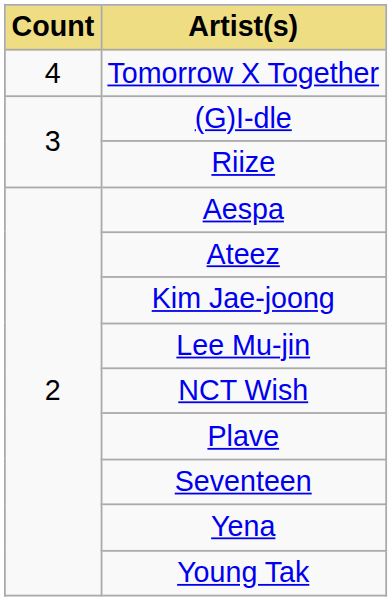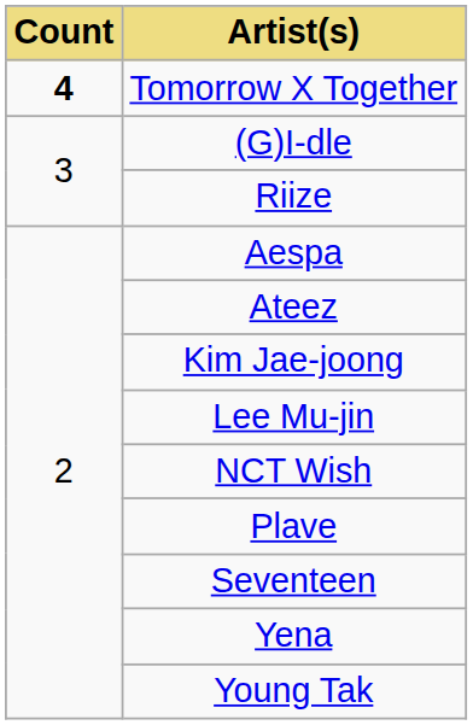 <table class="wikitable" style="text-align:center">
 <tr>
 <th scope="col" style="background-color:#EEDD82">Count</th>
 <th scope="col" style="background-color:#EEDD82">Artist(s)</th>
 </tr>
 <tr>
-<td>4</td>
+<td><strong>4</strong></td>
 <td><a href='#'>Tomorrow X Together</a></td>
 </tr>
 <tr>
 <td rowspan="2">3</td>
 <td><a href='#'>(G)I-dle</a></td>
 </tr>
 <tr>
 <td><a href='#'>Riize</a></td>
 </tr>
 <tr>
 <td rowspan="9">2</td>
 <td><a href='#'>Aespa</a></td>
 </tr>
 <tr>
 <td><a href='#'>Ateez</a></td>
 </tr>
 <tr>
 <td><a href='#'>Kim Jae-joong</a></td>
 </tr>
 <tr>
 <td><a href='#'>Lee Mu-jin</a></td>
 </tr>
 <tr>
 <td><a href='#'>NCT Wish</a></td>
 </tr>
 <tr>
 <td><a href='#'>Plave</a></td>
 </tr>
 <tr>
 <td><a href='#'>Seventeen</a></td>
 </tr>
 <tr>
 <td><a href='#'>Yena</a></td>
 </tr>
 <tr>
 <td><a href='#'>Young Tak</a></td>
 </tr>
 </table>
